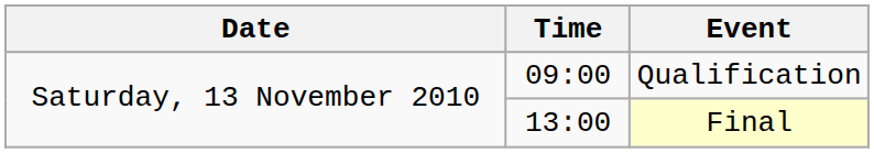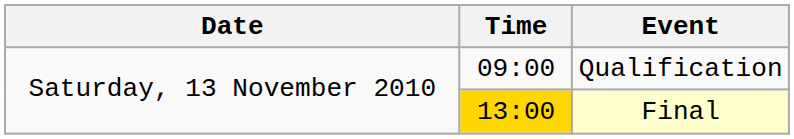 <table class = "wikitable" style="text-align:center;">
 <tr>
 <th width=220>Date</th>
 <th width=50>Time</th>
 <th width=100>Event</th>
 </tr>
 <tr>
 <td rowspan=2>Saturday, 13 November 2010</td>
 <td>09:00</td>
 <td>Qualification</td>
 </tr>
 <tr>
-<td>13:00</td>
+<td style="background: gold;">13:00</td>
 <td bgcolor=ffffcc>Final</td>
 </tr>
 </table>
